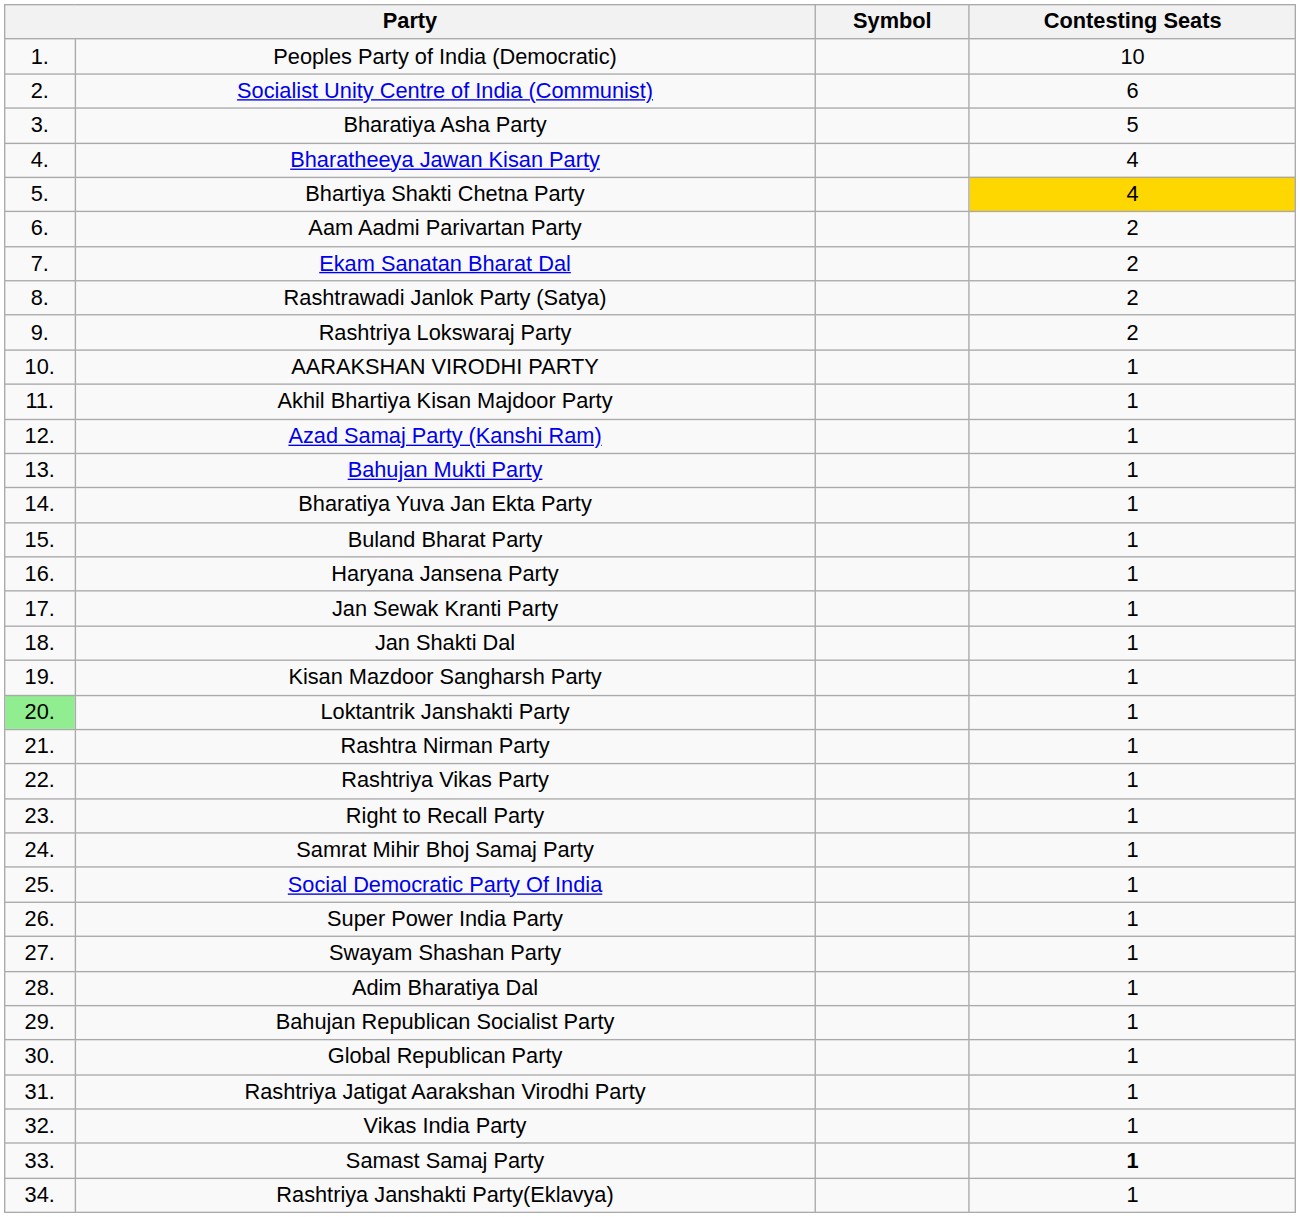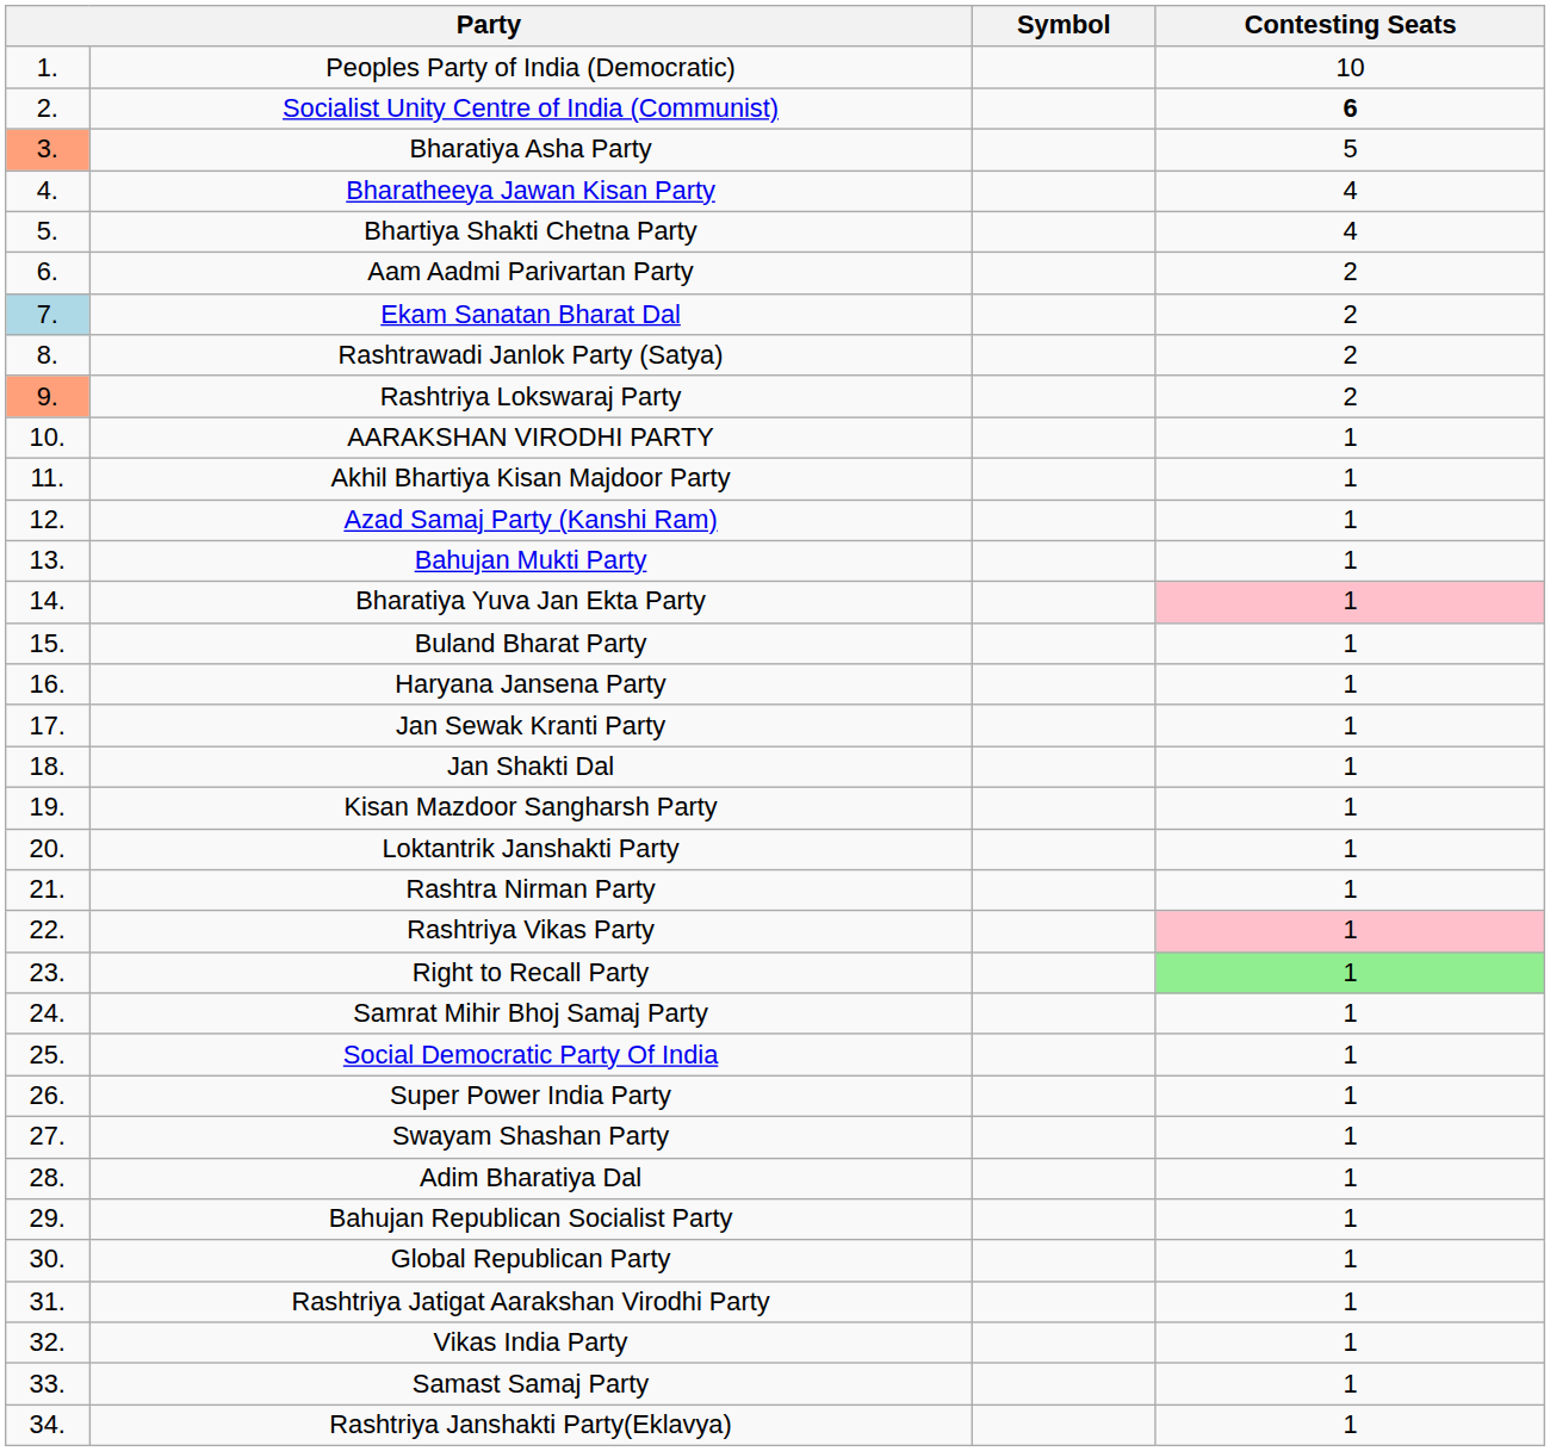 <table class="wikitable" width="60%" style="text-align:center">
 <tr>
 <th colspan="2">Party</th>
 <th>Symbol</th>
 <th>Contesting Seats</th>
 </tr>
 <tr>
 <td>1.</td>
 <td>Peoples Party of India (Democratic)</td>
 <td></td>
 <td>10</td>
 </tr>
 <tr>
 <td>2.</td>
 <td><a href='#'>Socialist Unity Centre of India (Communist)</a></td>
 <td></td>
-<td>6</td>
+<td><strong>6</strong></td>
 </tr>
 <tr>
-<td>3.</td>
+<td style="background: lightsalmon;">3.</td>
 <td>Bharatiya Asha Party</td>
 <td></td>
 <td>5</td>
 </tr>
 <tr>
 <td>4.</td>
 <td><a href='#'>Bharatheeya Jawan Kisan Party</a></td>
 <td></td>
 <td>4</td>
 </tr>
 <tr>
 <td>5.</td>
 <td>Bhartiya Shakti Chetna Party</td>
 <td></td>
-<td style="background: gold;">4</td>
+<td>4</td>
 </tr>
 <tr>
 <td>6.</td>
 <td>Aam Aadmi Parivartan Party</td>
 <td></td>
 <td>2</td>
 </tr>
 <tr>
-<td>7.</td>
+<td style="background: lightblue;">7.</td>
 <td><a href='#'>Ekam Sanatan Bharat Dal</a></td>
 <td></td>
 <td>2</td>
 </tr>
 <tr>
 <td>8.</td>
 <td>Rashtrawadi Janlok Party (Satya)</td>
 <td></td>
 <td>2</td>
 </tr>
 <tr>
-<td>9.</td>
+<td style="background: lightsalmon;">9.</td>
 <td>Rashtriya Lokswaraj Party</td>
 <td></td>
 <td>2</td>
 </tr>
 <tr>
 <td>10.</td>
 <td>AARAKSHAN VIRODHI PARTY</td>
 <td></td>
 <td>1</td>
 </tr>
 <tr>
 <td>11.</td>
 <td>Akhil Bhartiya Kisan Majdoor Party</td>
 <td></td>
 <td>1</td>
 </tr>
 <tr>
 <td>12.</td>
 <td><a href='#'>Azad Samaj Party (Kanshi Ram)</a></td>
 <td></td>
 <td>1</td>
 </tr>
 <tr>
 <td>13.</td>
 <td><a href='#'>Bahujan Mukti Party</a></td>
 <td></td>
 <td>1</td>
 </tr>
 <tr>
 <td>14.</td>
 <td>Bharatiya Yuva Jan Ekta Party</td>
 <td></td>
-<td>1</td>
+<td style="background: pink;">1</td>
 </tr>
 <tr>
 <td>15.</td>
 <td>Buland Bharat Party</td>
 <td></td>
 <td>1</td>
 </tr>
 <tr>
 <td>16.</td>
 <td>Haryana Jansena Party</td>
 <td></td>
 <td>1</td>
 </tr>
 <tr>
 <td>17.</td>
 <td>Jan Sewak Kranti Party</td>
 <td></td>
 <td>1</td>
 </tr>
 <tr>
 <td>18.</td>
 <td>Jan Shakti Dal</td>
 <td></td>
 <td>1</td>
 </tr>
 <tr>
 <td>19.</td>
 <td>Kisan Mazdoor Sangharsh Party</td>
 <td></td>
 <td>1</td>
 </tr>
 <tr>
-<td style="background: lightgreen;">20.</td>
+<td>20.</td>
 <td>Loktantrik Janshakti Party</td>
 <td></td>
 <td>1</td>
 </tr>
 <tr>
 <td>21.</td>
 <td>Rashtra Nirman Party</td>
 <td></td>
 <td>1</td>
 </tr>
 <tr>
 <td>22.</td>
 <td>Rashtriya Vikas Party</td>
 <td></td>
-<td>1</td>
+<td style="background: pink;">1</td>
 </tr>
 <tr>
 <td>23.</td>
 <td>Right to Recall Party</td>
 <td></td>
-<td>1</td>
+<td style="background: lightgreen;">1</td>
 </tr>
 <tr>
 <td>24.</td>
 <td>Samrat Mihir Bhoj Samaj Party</td>
 <td></td>
 <td>1</td>
 </tr>
 <tr>
 <td>25.</td>
 <td><a href='#'>Social Democratic Party Of India</a></td>
 <td></td>
 <td>1</td>
 </tr>
 <tr>
 <td>26.</td>
 <td>Super Power India Party</td>
 <td></td>
 <td>1</td>
 </tr>
 <tr>
 <td>27.</td>
 <td>Swayam Shashan Party</td>
 <td></td>
 <td>1</td>
 </tr>
 <tr>
 <td>28.</td>
 <td>Adim Bharatiya Dal</td>
 <td></td>
 <td>1</td>
 </tr>
 <tr>
 <td>29.</td>
 <td>Bahujan Republican Socialist Party</td>
 <td></td>
 <td>1</td>
 </tr>
 <tr>
 <td>30.</td>
 <td>Global Republican Party</td>
 <td></td>
 <td>1</td>
 </tr>
 <tr>
 <td>31.</td>
 <td>Rashtriya Jatigat Aarakshan Virodhi Party</td>
 <td></td>
 <td>1</td>
 </tr>
 <tr>
 <td>32.</td>
 <td>Vikas India Party</td>
 <td></td>
 <td>1</td>
 </tr>
 <tr>
 <td>33.</td>
 <td>Samast Samaj Party</td>
 <td></td>
-<td><strong>1</strong></td>
+<td>1</td>
 </tr>
 <tr>
 <td>34.</td>
 <td>Rashtriya Janshakti Party(Eklavya)</td>
 <td></td>
 <td>1</td>
 </tr>
 </table>
